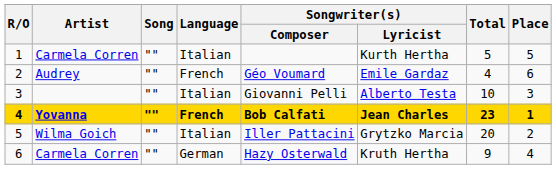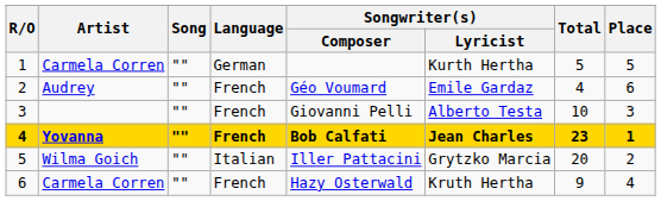 <table class="sortable wikitable" style="margin: 1em auto 1em auto; text-align:left">
 <tr>
 </tr>
 <tr>
 <th rowspan="2">R/O</th>
 <th rowspan="2">Artist</th>
 <th rowspan="2">Song</th>
 <th rowspan="2">Language</th>
 <th colspan="2">Songwriter(s)</th>
 <th rowspan="2">Total</th>
 <th rowspan="2">Place</th>
 </tr>
 <tr>
 <th>Composer</th>
 <th>Lyricist</th>
 </tr>
 <tr>
 <td align="center">1</td>
 <td><a href='#'>Carmela Corren</a></td>
 <td>""</td>
-<td>Italian</td>
+<td>German</td>
 <td></td>
 <td>Kurth Hertha</td>
 <td align="center">5</td>
 <td align="center">5</td>
 </tr>
 <tr>
 <td align="center">2</td>
 <td><a href='#'>Audrey</a></td>
 <td>""</td>
 <td>French</td>
 <td><a href='#'>Géo Voumard</a></td>
 <td><a href='#'>Emile Gardaz</a></td>
 <td align="center">4</td>
 <td align="center">6</td>
 </tr>
 <tr>
 <td align="center">3</td>
 <td></td>
 <td>""</td>
-<td>Italian</td>
+<td>French</td>
 <td>Giovanni Pelli</td>
 <td><a href='#'>Alberto Testa</a></td>
 <td align="center">10</td>
 <td align="center">3</td>
 </tr>
 <tr style="font-weight:bold; background:gold;">
 <td align="center">4</td>
 <td><a href='#'>Yovanna</a></td>
 <td>""</td>
 <td>French</td>
 <td>Bob Calfati</td>
 <td>Jean Charles</td>
 <td align="center">23</td>
 <td align="center">1</td>
 </tr>
 <tr>
 <td align="center">5</td>
 <td><a href='#'>Wilma Goich</a></td>
 <td>""</td>
 <td>Italian</td>
 <td><a href='#'>Iller Pattacini</a></td>
 <td>Grytzko Marcia</td>
 <td align="center">20</td>
 <td align="center">2</td>
 </tr>
 <tr>
 <td align="center">6</td>
 <td><a href='#'>Carmela Corren</a></td>
 <td>""</td>
-<td>German</td>
+<td>French</td>
 <td><a href='#'>Hazy Osterwald</a></td>
 <td>Kruth Hertha</td>
 <td align="center">9</td>
 <td align="center">4</td>
 </tr>
 </table>
